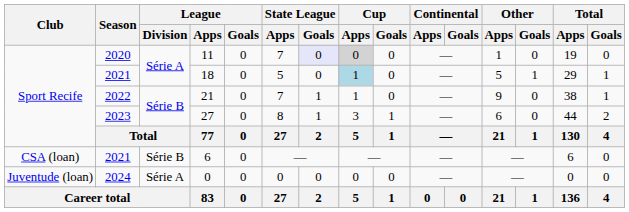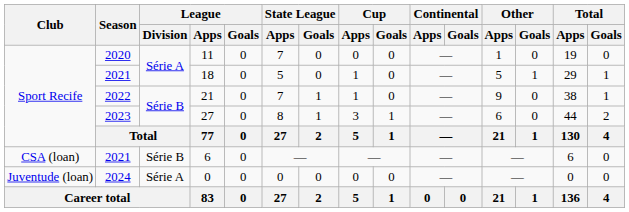 <table class="wikitable" style="text-align: center;">
 <tr>
 <th rowspan="2">Club</th>
 <th rowspan="2">Season</th>
 <th colspan="3">League</th>
 <th colspan="2">State League</th>
 <th colspan="2">Cup</th>
 <th colspan="2">Continental</th>
 <th colspan="2">Other</th>
 <th colspan="2">Total</th>
 </tr>
 <tr>
 <th>Division</th>
 <th>Apps</th>
 <th>Goals</th>
 <th>Apps</th>
 <th>Goals</th>
 <th>Apps</th>
 <th>Goals</th>
 <th>Apps</th>
 <th>Goals</th>
 <th>Apps</th>
 <th>Goals</th>
 <th>Apps</th>
 <th>Goals</th>
 </tr>
 <tr>
 <td rowspan="5" valign="center"><a href='#'>Sport Recife</a></td>
 <td><a href='#'>2020</a></td>
 <td rowspan="2"><a href='#'>Série A</a></td>
 <td>11</td>
 <td>0</td>
 <td>7</td>
-<td style="background: lavender;">0</td>
-<td style="background: lightgrey;">0</td>
+<td>0</td>
+<td>0</td>
 <td>0</td>
 <td colspan="2">—</td>
 <td>1</td>
 <td>0</td>
 <td>19</td>
 <td>0</td>
 </tr>
 <tr>
 <td><a href='#'>2021</a></td>
 <td>18</td>
 <td>0</td>
 <td>5</td>
 <td>0</td>
-<td style="background: lightblue;">1</td>
+<td>1</td>
 <td>0</td>
 <td colspan="2">—</td>
 <td>5</td>
 <td>1</td>
 <td>29</td>
 <td>1</td>
 </tr>
 <tr>
 <td><a href='#'>2022</a></td>
 <td rowspan="2"><a href='#'>Série B</a></td>
 <td>21</td>
 <td>0</td>
 <td>7</td>
 <td>1</td>
 <td>1</td>
 <td>0</td>
 <td colspan="2">—</td>
 <td>9</td>
 <td>0</td>
 <td>38</td>
 <td>1</td>
 </tr>
 <tr>
 <td><a href='#'>2023</a></td>
 <td>27</td>
 <td>0</td>
 <td>8</td>
 <td>1</td>
 <td>3</td>
 <td>1</td>
 <td colspan="2">—</td>
 <td>6</td>
 <td>0</td>
 <td>44</td>
 <td>2</td>
 </tr>
 <tr>
 <th colspan="2">Total</th>
 <th>77</th>
 <th>0</th>
 <th>27</th>
 <th>2</th>
 <th>5</th>
 <th>1</th>
 <th colspan="2">—</th>
 <th>21</th>
 <th>1</th>
 <th>130</th>
 <th>4</th>
 </tr>
 <tr>
 <td><a href='#'>CSA</a> (loan)</td>
 <td><a href='#'>2021</a></td>
 <td>Série B</td>
 <td>6</td>
 <td>0</td>
 <td colspan="2">—</td>
 <td colspan="2">—</td>
 <td colspan="2">—</td>
 <td colspan="2">—</td>
 <td>6</td>
 <td>0</td>
 </tr>
 <tr>
 <td><a href='#'>Juventude</a> (loan)</td>
 <td><a href='#'>2024</a></td>
 <td>Série A</td>
 <td>0</td>
 <td>0</td>
 <td>0</td>
 <td>0</td>
 <td>0</td>
 <td>0</td>
 <td colspan="2">—</td>
 <td colspan="2">—</td>
 <td>0</td>
 <td>0</td>
 </tr>
 <tr>
 <th colspan="3"><strong>Career total</strong></th>
 <th>83</th>
 <th>0</th>
 <th>27</th>
 <th>2</th>
 <th>5</th>
 <th>1</th>
 <th>0</th>
 <th>0</th>
 <th>21</th>
 <th>1</th>
 <th>136</th>
 <th>4</th>
 </tr>
 </table>
